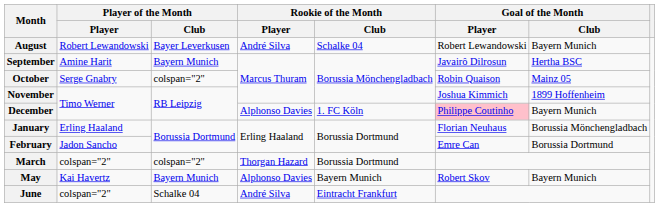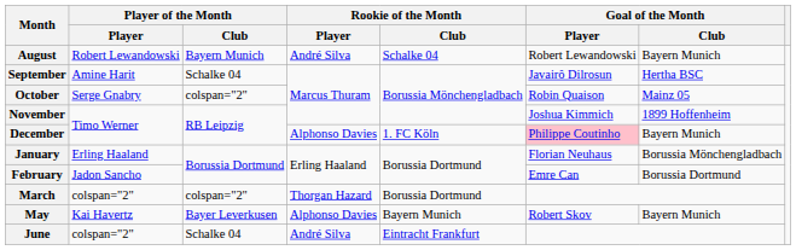 <table class="wikitable">
 <tr>
 <th rowspan="2">Month</th>
 <th colspan="2">Player of the Month</th>
 <th colspan="2">Rookie of the Month</th>
 <th colspan="2">Goal of the Month</th>
 <th rowspan="2"></th>
 </tr>
 <tr>
 <th>Player</th>
 <th>Club</th>
 <th>Player</th>
 <th>Club</th>
 <th>Player</th>
 <th>Club</th>
 </tr>
 <tr>
 <th>August</th>
 <td> <a href='#'>Robert Lewandowski</a></td>
-<td><a href='#'>Bayer Leverkusen</a></td>
+<td><a href='#'>Bayern Munich</a></td>
 <td> <a href='#'>André Silva</a></td>
 <td><a href='#'>Schalke 04</a></td>
 <td> Robert Lewandowski</td>
 <td>Bayern Munich</td>
 <td rowspan="10"></td>
 </tr>
 <tr>
 <th>September</th>
 <td> <a href='#'>Amine Harit</a></td>
-<td><a href='#'>Bayern Munich</a></td>
+<td>Schalke 04</td>
 <td rowspan="3"> <a href='#'>Marcus Thuram</a></td>
 <td rowspan="3"><a href='#'>Borussia Mönchengladbach</a></td>
 <td> <a href='#'>Javairô Dilrosun</a></td>
 <td><a href='#'>Hertha BSC</a></td>
 </tr>
 <tr>
 <th>October</th>
 <td> <a href='#'>Serge Gnabry</a></td>
 <td>colspan="2" </td>
 <td> <a href='#'>Robin Quaison</a></td>
 <td><a href='#'>Mainz 05</a></td>
 </tr>
 <tr>
 <th>November</th>
 <td rowspan="2"> <a href='#'>Timo Werner</a></td>
 <td rowspan="2"><a href='#'>RB Leipzig</a></td>
 <td> <a href='#'>Joshua Kimmich</a></td>
 <td><a href='#'>1899 Hoffenheim</a></td>
 </tr>
 <tr>
 <th>December</th>
 <td> <a href='#'>Alphonso Davies</a></td>
 <td><a href='#'>1. FC Köln</a></td>
 <td style="background: pink;"> <a href='#'>Philippe Coutinho</a></td>
 <td>Bayern Munich</td>
 </tr>
 <tr>
 <th>January</th>
 <td> <a href='#'>Erling Haaland</a></td>
 <td rowspan="2"><a href='#'>Borussia Dortmund</a></td>
 <td rowspan="2"> Erling Haaland</td>
 <td rowspan="2">Borussia Dortmund</td>
 <td> <a href='#'>Florian Neuhaus</a></td>
 <td>Borussia Mönchengladbach</td>
 </tr>
 <tr>
 <th>February</th>
 <td> <a href='#'>Jadon Sancho</a></td>
 <td> <a href='#'>Emre Can</a></td>
 <td>Borussia Dortmund</td>
 </tr>
 <tr>
 <th>March</th>
 <td>colspan="2" </td>
 <td>colspan="2" </td>
 <td> <a href='#'>Thorgan Hazard</a></td>
 <td>Borussia Dortmund</td>
 </tr>
 <tr>
 <th>May</th>
 <td> <a href='#'>Kai Havertz</a></td>
-<td><a href='#'>Bayern Munich</a></td>
+<td><a href='#'>Bayer Leverkusen</a></td>
 <td> <a href='#'>Alphonso Davies</a></td>
 <td>Bayern Munich</td>
 <td> <a href='#'>Robert Skov</a></td>
 <td>Bayern Munich</td>
 </tr>
 <tr>
 <th>June</th>
 <td>colspan="2" </td>
 <td>Schalke 04</td>
 <td> <a href='#'>André Silva</a></td>
 <td><a href='#'>Eintracht Frankfurt</a></td>
 </tr>
 </table>
